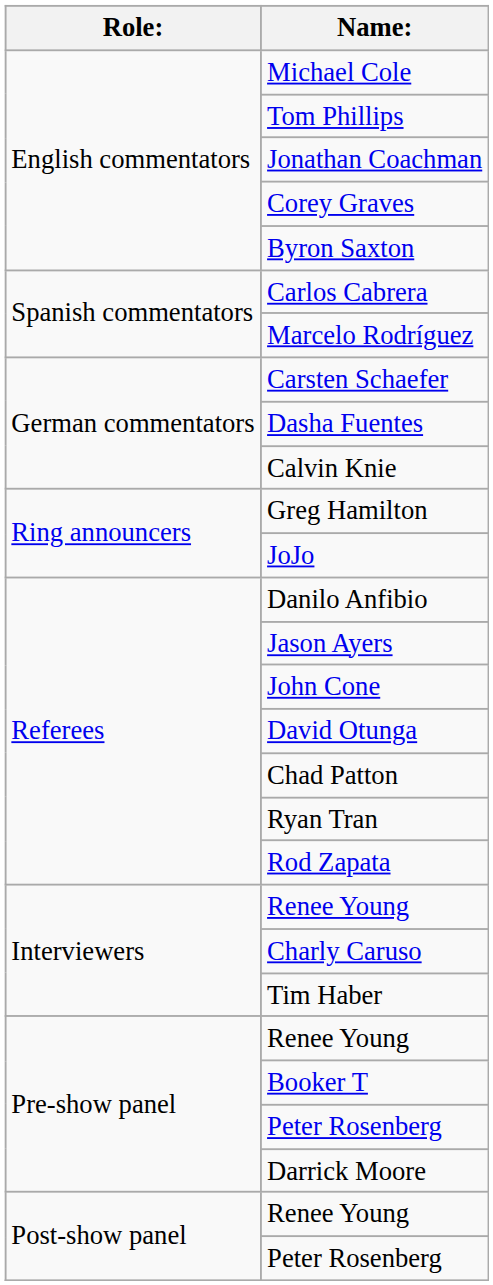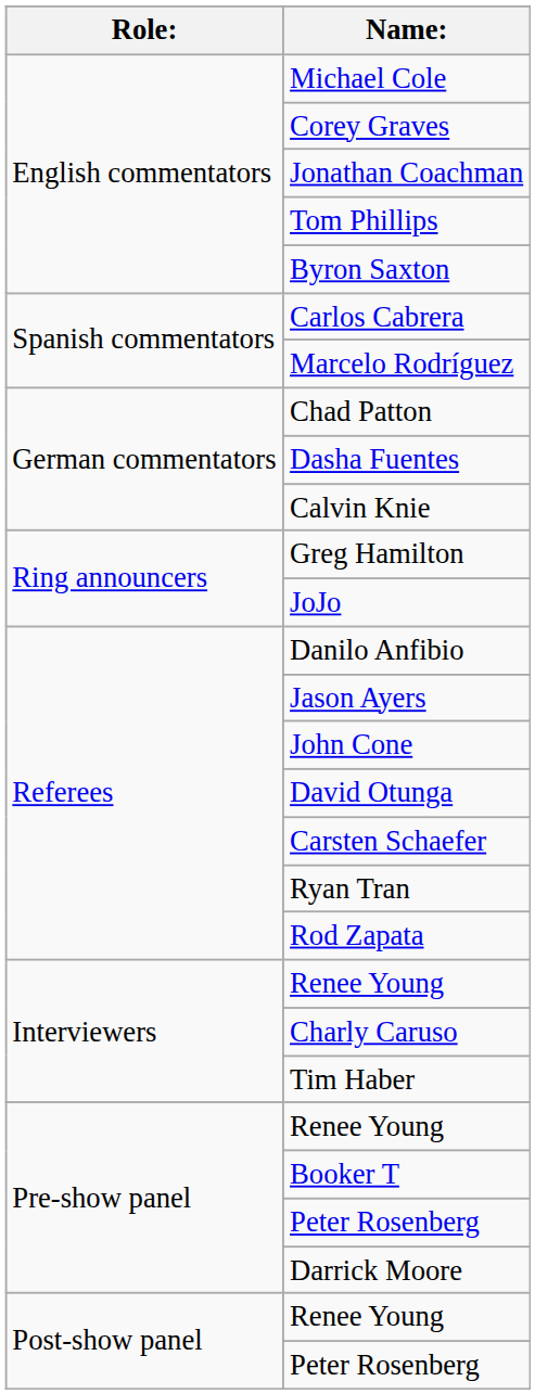 <table class=wikitable style="font-size:90%; margin: 0.5em 0 0.5em 1em; float: right; clear: right;">
 <tr>
 <th>Role:</th>
 <th>Name:</th>
 </tr>
 <tr>
 <td rowspan=5>English commentators</td>
 <td><a href='#'>Michael Cole</a> </td>
 </tr>
 <tr>
-<td><a href='#'>Tom Phillips</a> </td>
+<td><a href='#'>Corey Graves</a> </td>
 </tr>
 <tr>
 <td><a href='#'>Jonathan Coachman</a> </td>
 </tr>
 <tr>
-<td><a href='#'>Corey Graves</a> </td>
+<td><a href='#'>Tom Phillips</a> </td>
 </tr>
 <tr>
 <td><a href='#'>Byron Saxton</a> </td>
 </tr>
 <tr>
 <td rowspan=2>Spanish commentators</td>
 <td><a href='#'>Carlos Cabrera</a></td>
 </tr>
 <tr>
 <td><a href='#'>Marcelo Rodríguez</a></td>
 </tr>
 <tr>
 <td rowspan=3>German commentators</td>
-<td><a href='#'>Carsten Schaefer</a></td>
+<td>Chad Patton</td>
 </tr>
 <tr>
 <td><a href='#'>Dasha Fuentes</a></td>
 </tr>
 <tr>
 <td>Calvin Knie</td>
 </tr>
 <tr>
 <td rowspan=2><a href='#'>Ring announcers</a></td>
 <td>Greg Hamilton </td>
 </tr>
 <tr>
 <td><a href='#'>JoJo</a> </td>
 </tr>
 <tr>
 <td rowspan=7><a href='#'>Referees</a></td>
 <td>Danilo Anfibio</td>
 </tr>
 <tr>
 <td><a href='#'>Jason Ayers</a></td>
 </tr>
 <tr>
 <td><a href='#'>John Cone</a></td>
 </tr>
 <tr>
 <td><a href='#'>David Otunga</a></td>
 </tr>
 <tr>
-<td>Chad Patton</td>
+<td><a href='#'>Carsten Schaefer</a></td>
 </tr>
 <tr>
 <td>Ryan Tran</td>
 </tr>
 <tr>
 <td><a href='#'>Rod Zapata</a></td>
 </tr>
 <tr>
 <td rowspan=3>Interviewers</td>
 <td><a href='#'>Renee Young</a></td>
 </tr>
 <tr>
 <td><a href='#'>Charly Caruso</a></td>
 </tr>
 <tr>
 <td>Tim Haber</td>
 </tr>
 <tr>
 <td rowspan=4>Pre-show panel</td>
 <td>Renee Young</td>
 </tr>
 <tr>
 <td><a href='#'>Booker T</a></td>
 </tr>
 <tr>
 <td><a href='#'>Peter Rosenberg</a></td>
 </tr>
 <tr>
 <td>Darrick Moore</td>
 </tr>
 <tr>
 <td rowspan=2>Post-show panel</td>
 <td>Renee Young</td>
 </tr>
 <tr>
 <td>Peter Rosenberg</td>
 </tr>
 <tr>
 </tr>
 </table>
